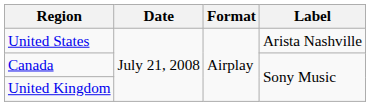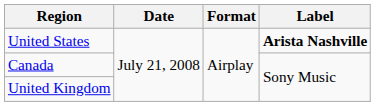 <table class="wikitable">
 <tr>
 <th>Region</th>
 <th>Date</th>
 <th>Format</th>
 <th>Label</th>
 </tr>
 <tr>
 <td><a href='#'>United States</a></td>
 <td rowspan="3">July 21, 2008</td>
 <td rowspan="3">Airplay</td>
-<td>Arista Nashville</td>
+<td><strong>Arista Nashville</strong></td>
 </tr>
 <tr>
 <td><a href='#'>Canada</a></td>
 <td rowspan="2">Sony Music</td>
 </tr>
 <tr>
 <td><a href='#'>United Kingdom</a></td>
 </tr>
 </table>
